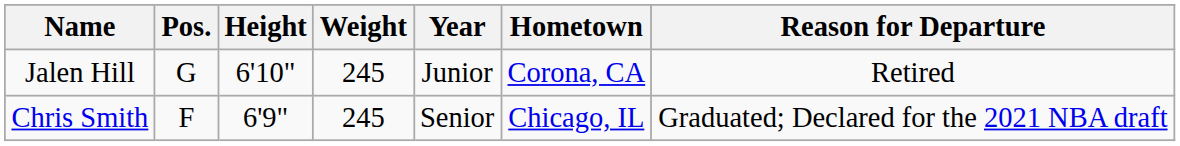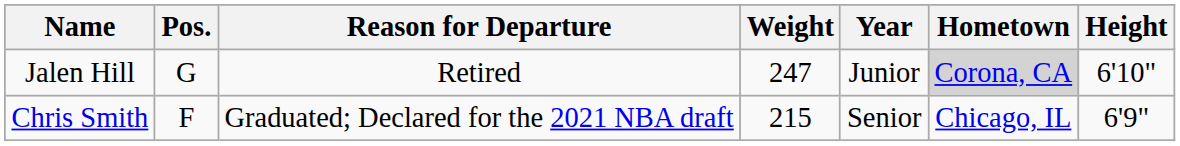 <table class="wikitable sortable sortable" style="text-align: center">
 <tr align=center>
 <th>Name</th>
 <th>Pos.</th>
-<th>Height</th>
+<th>Reason for Departure</th>
 <th>Weight</th>
 <th>Year</th>
 <th>Hometown</th>
-<th>Reason for Departure</th>
+<th>Height</th>
 </tr>
 <tr>
 <td>Jalen Hill</td>
 <td>G</td>
+<td>Retired</td>
+<td>247</td>
+<td> Junior</td>
+<td style="background: lightgrey;"><a href='#'>Corona, CA</a></td>
 <td>6'10"</td>
-<td>245</td>
-<td> Junior</td>
-<td><a href='#'>Corona, CA</a></td>
-<td>Retired</td>
 </tr>
 <tr>
 <td><a href='#'>Chris Smith</a></td>
 <td>F</td>
-<td>6'9"</td>
-<td>245</td>
+<td>Graduated; Declared for the <a href='#'>2021 NBA draft</a></td>
+<td>215</td>
 <td>Senior</td>
 <td><a href='#'>Chicago, IL</a></td>
-<td>Graduated; Declared for the <a href='#'>2021 NBA draft</a></td>
+<td>6'9"</td>
 </tr>
 </table>
